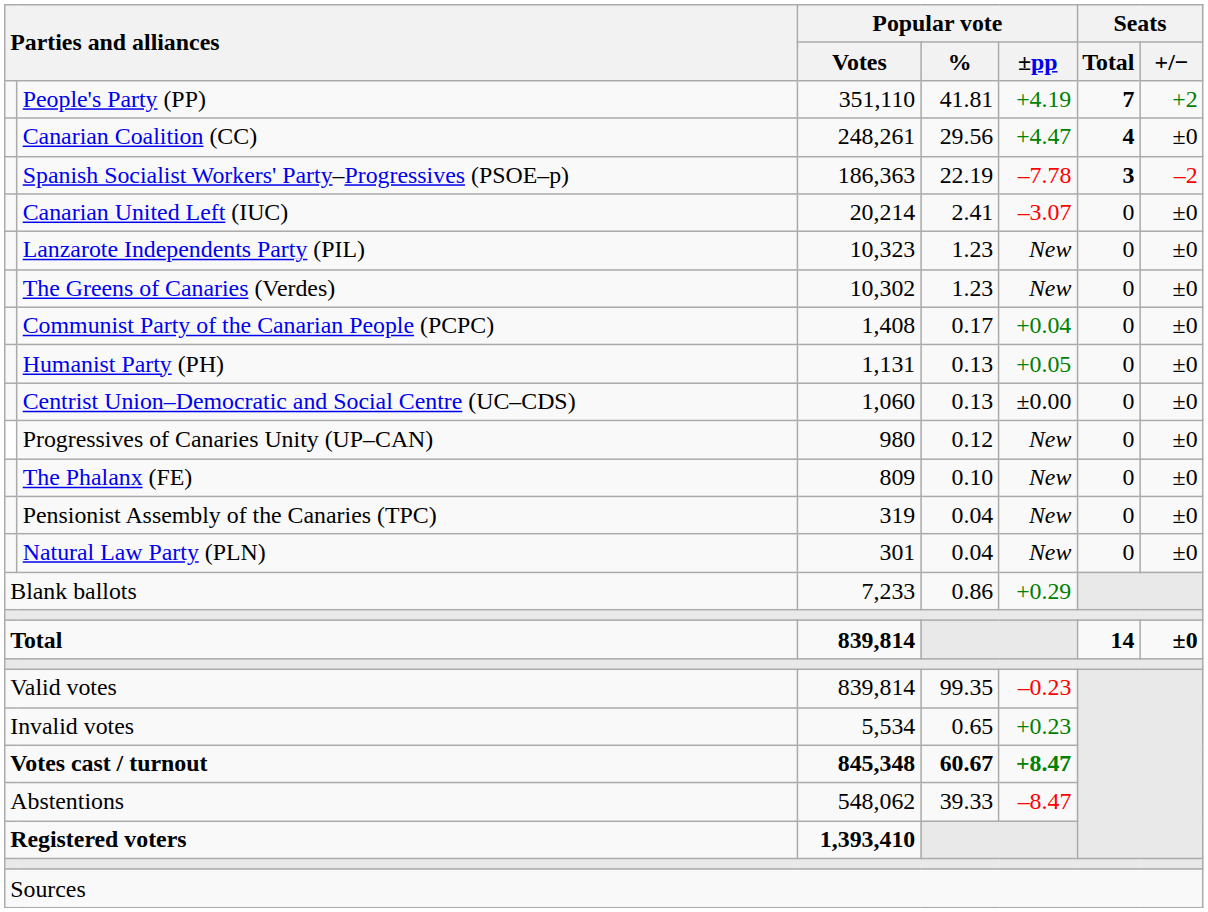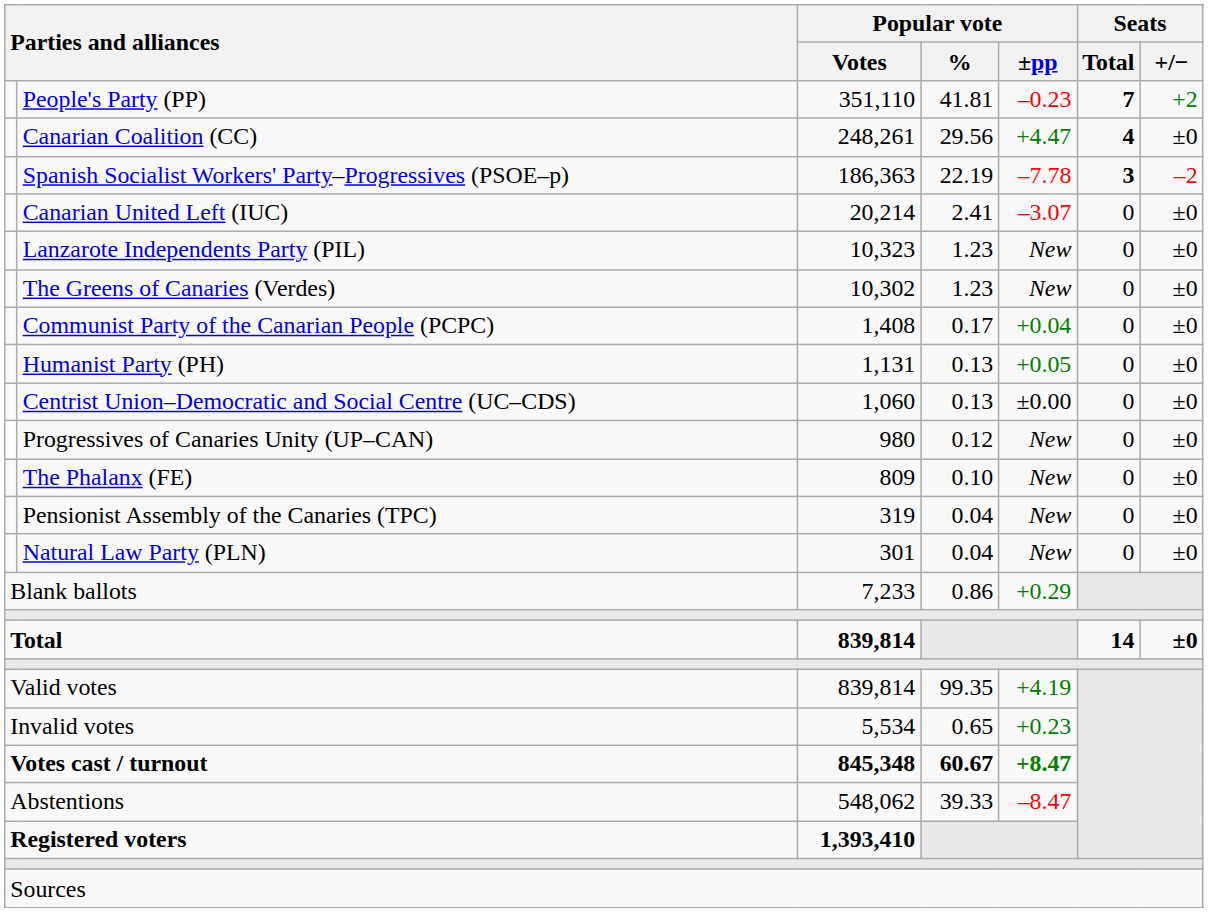 <table class="wikitable" style="text-align:right;">
 <tr>
 <th style="text-align:left;" rowspan="2" colspan="2" width="525">Parties and alliances</th>
 <th colspan="3">Popular vote</th>
 <th colspan="2">Seats</th>
 </tr>
 <tr>
 <th width="75">Votes</th>
 <th width="45">%</th>
 <th width="45">±<a href='#'>pp</a></th>
 <th width="35">Total</th>
 <th width="35">+/−</th>
 </tr>
 <tr>
 <td width="1" style="color:inherit;background:"></td>
 <td align="left"><a href='#'>People's Party</a> (PP)</td>
 <td>351,110</td>
 <td>41.81</td>
-<td style="color:green;">+4.19</td>
+<td style="color:red;">–0.23</td>
 <td><strong>7</strong></td>
 <td style="color:green;">+2</td>
 </tr>
 <tr>
 <td style="color:inherit;background:"></td>
 <td align="left"><a href='#'>Canarian Coalition</a> (CC)</td>
 <td>248,261</td>
 <td>29.56</td>
 <td style="color:green;">+4.47</td>
 <td><strong>4</strong></td>
 <td>±0</td>
 </tr>
 <tr>
 <td style="color:inherit;background:"></td>
 <td align="left"><a href='#'>Spanish Socialist Workers' Party</a>–<a href='#'>Progressives</a> (PSOE–p)</td>
 <td>186,363</td>
 <td>22.19</td>
 <td style="color:red;">–7.78</td>
 <td><strong>3</strong></td>
 <td style="color:red;">–2</td>
 </tr>
 <tr>
 <td style="color:inherit;background:"></td>
 <td align="left"><a href='#'>Canarian United Left</a> (IUC)</td>
 <td>20,214</td>
 <td>2.41</td>
 <td style="color:red;">–3.07</td>
 <td>0</td>
 <td>±0</td>
 </tr>
 <tr>
 <td style="color:inherit;background:"></td>
 <td align="left"><a href='#'>Lanzarote Independents Party</a> (PIL)</td>
 <td>10,323</td>
 <td>1.23</td>
 <td><em>New</em></td>
 <td>0</td>
 <td>±0</td>
 </tr>
 <tr>
 <td style="color:inherit;background:"></td>
 <td align="left"><a href='#'>The Greens of Canaries</a> (Verdes)</td>
 <td>10,302</td>
 <td>1.23</td>
 <td><em>New</em></td>
 <td>0</td>
 <td>±0</td>
 </tr>
 <tr>
 <td width="1" style="color:inherit;background:"></td>
 <td align="left"><a href='#'>Communist Party of the Canarian People</a> (PCPC)</td>
 <td>1,408</td>
 <td>0.17</td>
 <td style="color:green;">+0.04</td>
 <td>0</td>
 <td>±0</td>
 </tr>
 <tr>
 <td style="color:inherit;background:"></td>
 <td align="left"><a href='#'>Humanist Party</a> (PH)</td>
 <td>1,131</td>
 <td>0.13</td>
 <td style="color:green;">+0.05</td>
 <td>0</td>
 <td>±0</td>
 </tr>
 <tr>
 <td style="color:inherit;background:"></td>
 <td align="left"><a href='#'>Centrist Union–Democratic and Social Centre</a> (UC–CDS)</td>
 <td>1,060</td>
 <td>0.13</td>
 <td>±0.00</td>
 <td>0</td>
 <td>±0</td>
 </tr>
 <tr>
 <td bgcolor="white"></td>
 <td align="left">Progressives of Canaries Unity (UP–CAN)</td>
 <td>980</td>
 <td>0.12</td>
 <td><em>New</em></td>
 <td>0</td>
 <td>±0</td>
 </tr>
 <tr>
 <td style="color:inherit;background:"></td>
 <td align="left"><a href='#'>The Phalanx</a> (FE)</td>
 <td>809</td>
 <td>0.10</td>
 <td><em>New</em></td>
 <td>0</td>
 <td>±0</td>
 </tr>
 <tr>
 <td style="color:inherit;background:"></td>
 <td align="left">Pensionist Assembly of the Canaries (TPC)</td>
 <td>319</td>
 <td>0.04</td>
 <td><em>New</em></td>
 <td>0</td>
 <td>±0</td>
 </tr>
 <tr>
 <td style="color:inherit;background:"></td>
 <td align="left"><a href='#'>Natural Law Party</a> (PLN)</td>
 <td>301</td>
 <td>0.04</td>
 <td><em>New</em></td>
 <td>0</td>
 <td>±0</td>
 </tr>
 <tr>
 <td align="left" colspan="2">Blank ballots</td>
 <td>7,233</td>
 <td>0.86</td>
 <td style="color:green;">+0.29</td>
 <td bgcolor="#E9E9E9" colspan="2"></td>
 </tr>
 <tr>
 <td colspan="7" bgcolor="#E9E9E9"></td>
 </tr>
 <tr style="font-weight:bold;">
 <td align="left" colspan="2">Total</td>
 <td>839,814</td>
 <td bgcolor="#E9E9E9" colspan="2"></td>
 <td>14</td>
 <td>±0</td>
 </tr>
 <tr>
 <td colspan="7" bgcolor="#E9E9E9"></td>
 </tr>
 <tr>
 <td align="left" colspan="2">Valid votes</td>
 <td>839,814</td>
 <td>99.35</td>
-<td style="color:red;">–0.23</td>
+<td style="color:green;">+4.19</td>
 <td bgcolor="#E9E9E9" colspan="2" rowspan="5"></td>
 </tr>
 <tr>
 <td align="left" colspan="2">Invalid votes</td>
 <td>5,534</td>
 <td>0.65</td>
 <td style="color:green;">+0.23</td>
 </tr>
 <tr style="font-weight:bold;">
 <td align="left" colspan="2">Votes cast / turnout</td>
 <td>845,348</td>
 <td>60.67</td>
 <td style="color:green;">+8.47</td>
 </tr>
 <tr>
 <td align="left" colspan="2">Abstentions</td>
 <td>548,062</td>
 <td>39.33</td>
 <td style="color:red;">–8.47</td>
 </tr>
 <tr style="font-weight:bold;">
 <td align="left" colspan="2">Registered voters</td>
 <td>1,393,410</td>
 <td bgcolor="#E9E9E9" colspan="2"></td>
 </tr>
 <tr>
 <td colspan="7" bgcolor="#E9E9E9"></td>
 </tr>
 <tr>
 <td align="left" colspan="7">Sources</td>
 </tr>
 </table>
